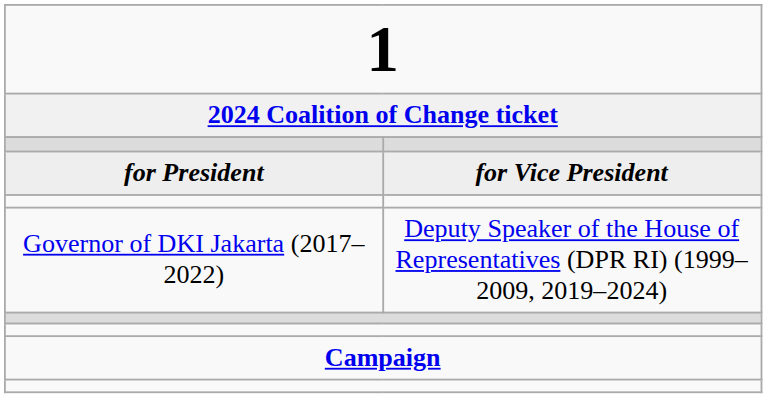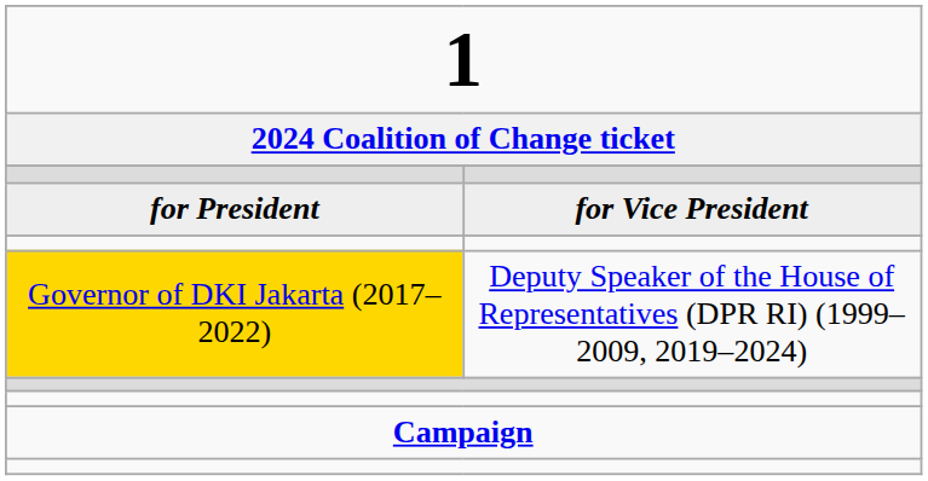 <table class="wikitable" style="font-size:90%; text-align:center;">
 <tr>
 <td colspan=2><big><big><big><big><big><strong>1</strong></big></big></big></big></big></td>
 </tr>
 <tr>
 <td colspan="2" style="background:#f1f1f1;"><strong><a href='#'>2024 Coalition of Change ticket</a></strong></td>
 </tr>
 <tr>
 <th style="width:3em; font-size:135%; background:#DCDCDC; width:200px;"><a href='#'></a></th>
 <th style="width:3em; font-size:135%; background:#DCDCDC; width:200px;"><a href='#'></a></th>
 </tr>
 <tr style="color:#000; font-size:100%; background:#EEEEEE;">
 <td style="width:3em; width:200px;"><strong><em>for President</em></strong></td>
 <td style="width:3em; width:200px;"><strong><em>for Vice President</em></strong></td>
 </tr>
 <tr>
 <td></td>
 <td></td>
 </tr>
 <tr>
-<td><a href='#'>Governor of DKI Jakarta</a> (2017‒2022)</td>
+<td style="background: gold;"><a href='#'>Governor of DKI Jakarta</a> (2017‒2022)</td>
 <td><a href='#'>Deputy Speaker of the House of Representatives</a> (DPR RI) (1999‒2009, 2019‒2024)</td>
 </tr>
 <tr>
 <td colspan=2 bgcolor="#DCDCDC"></td>
 </tr>
 <tr>
 <td colspan=2><strong></strong></td>
 </tr>
 <tr>
 <td colspan=2><strong><a href='#'>Campaign</a></strong></td>
 </tr>
 <tr>
 <td colspan=2></td>
 </tr>
 </table>
